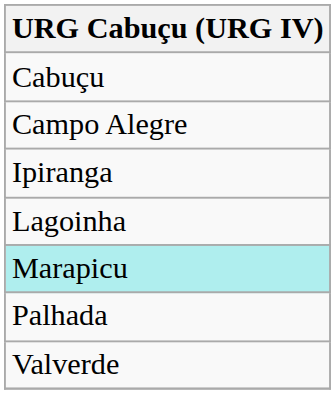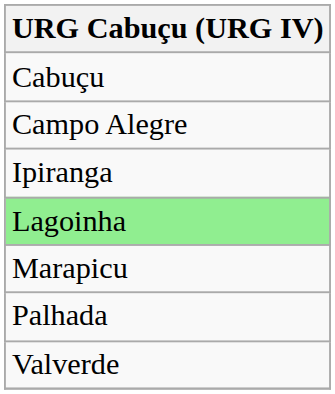 <table class="wikitable" style="margin-bottom: 10px;" border="1">
 <tr>
 <th>URG Cabuçu (URG IV)</th>
 </tr>
 <tr>
 <td>Cabuçu</td>
 </tr>
 <tr>
 <td>Campo Alegre</td>
 </tr>
 <tr>
 <td>Ipiranga</td>
 </tr>
 <tr>
-<td>Lagoinha</td>
+<td style="background: lightgreen;">Lagoinha</td>
 </tr>
 <tr>
-<td style="background: paleturquoise;">Marapicu</td>
+<td>Marapicu</td>
 </tr>
 <tr>
 <td>Palhada</td>
 </tr>
 <tr>
 <td>Valverde</td>
 </tr>
 <tr>
 </tr>
 </table>
